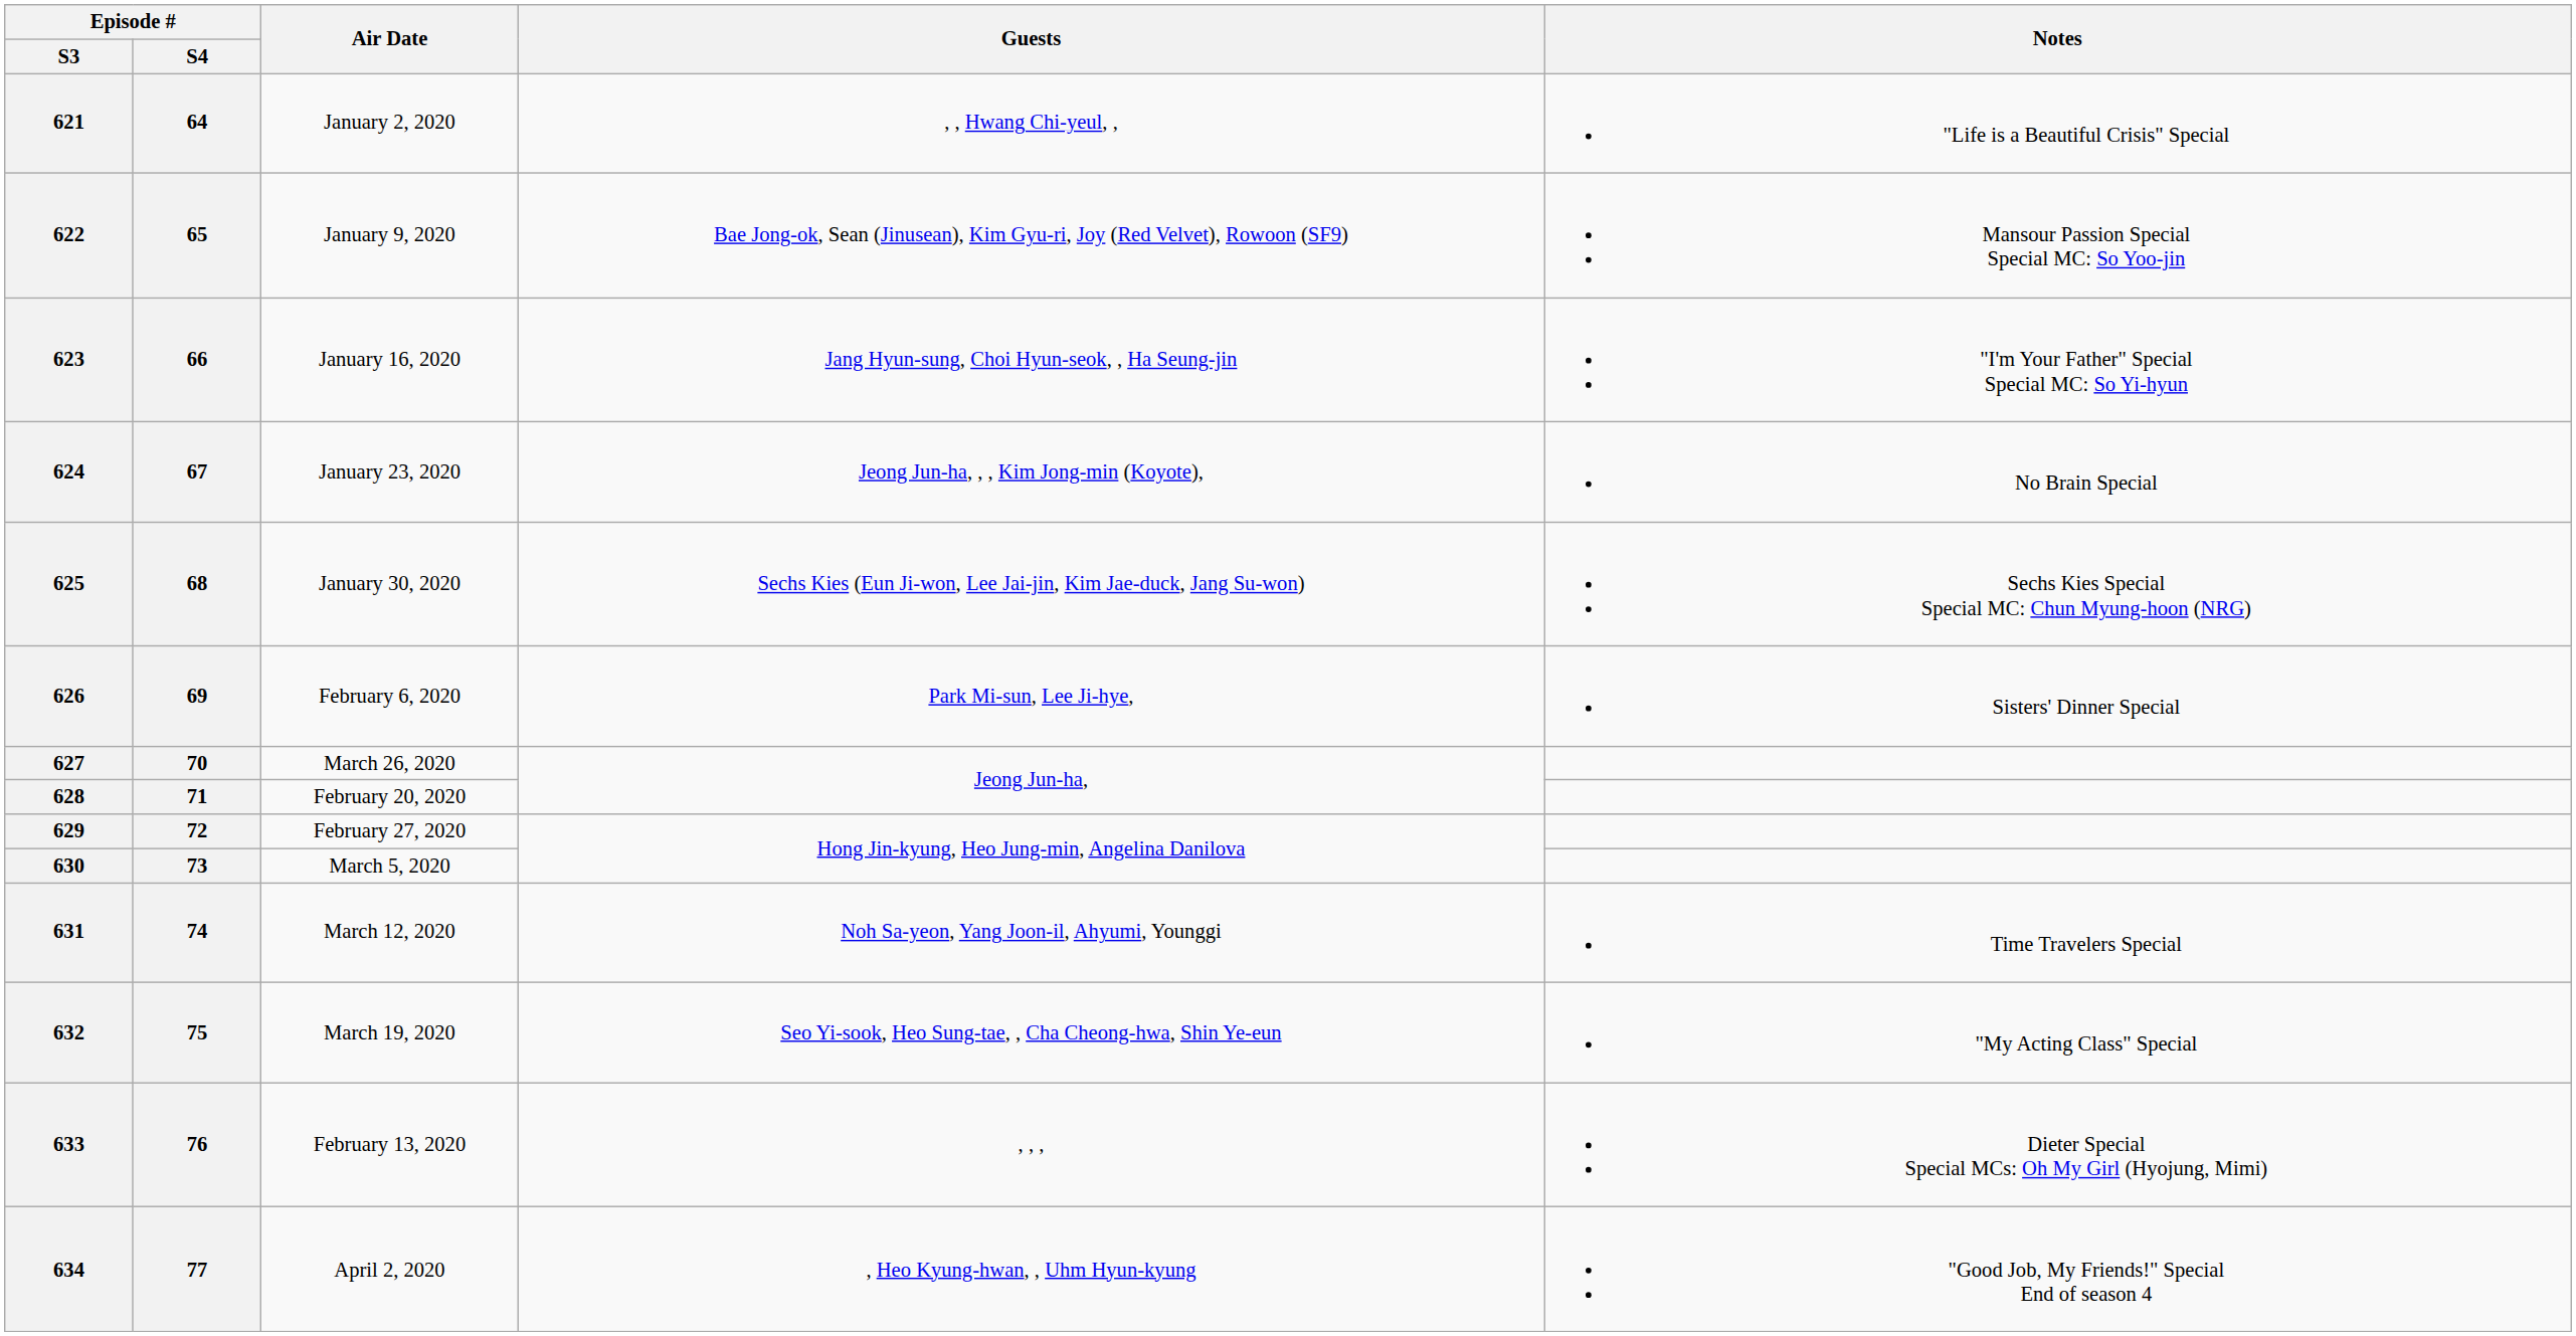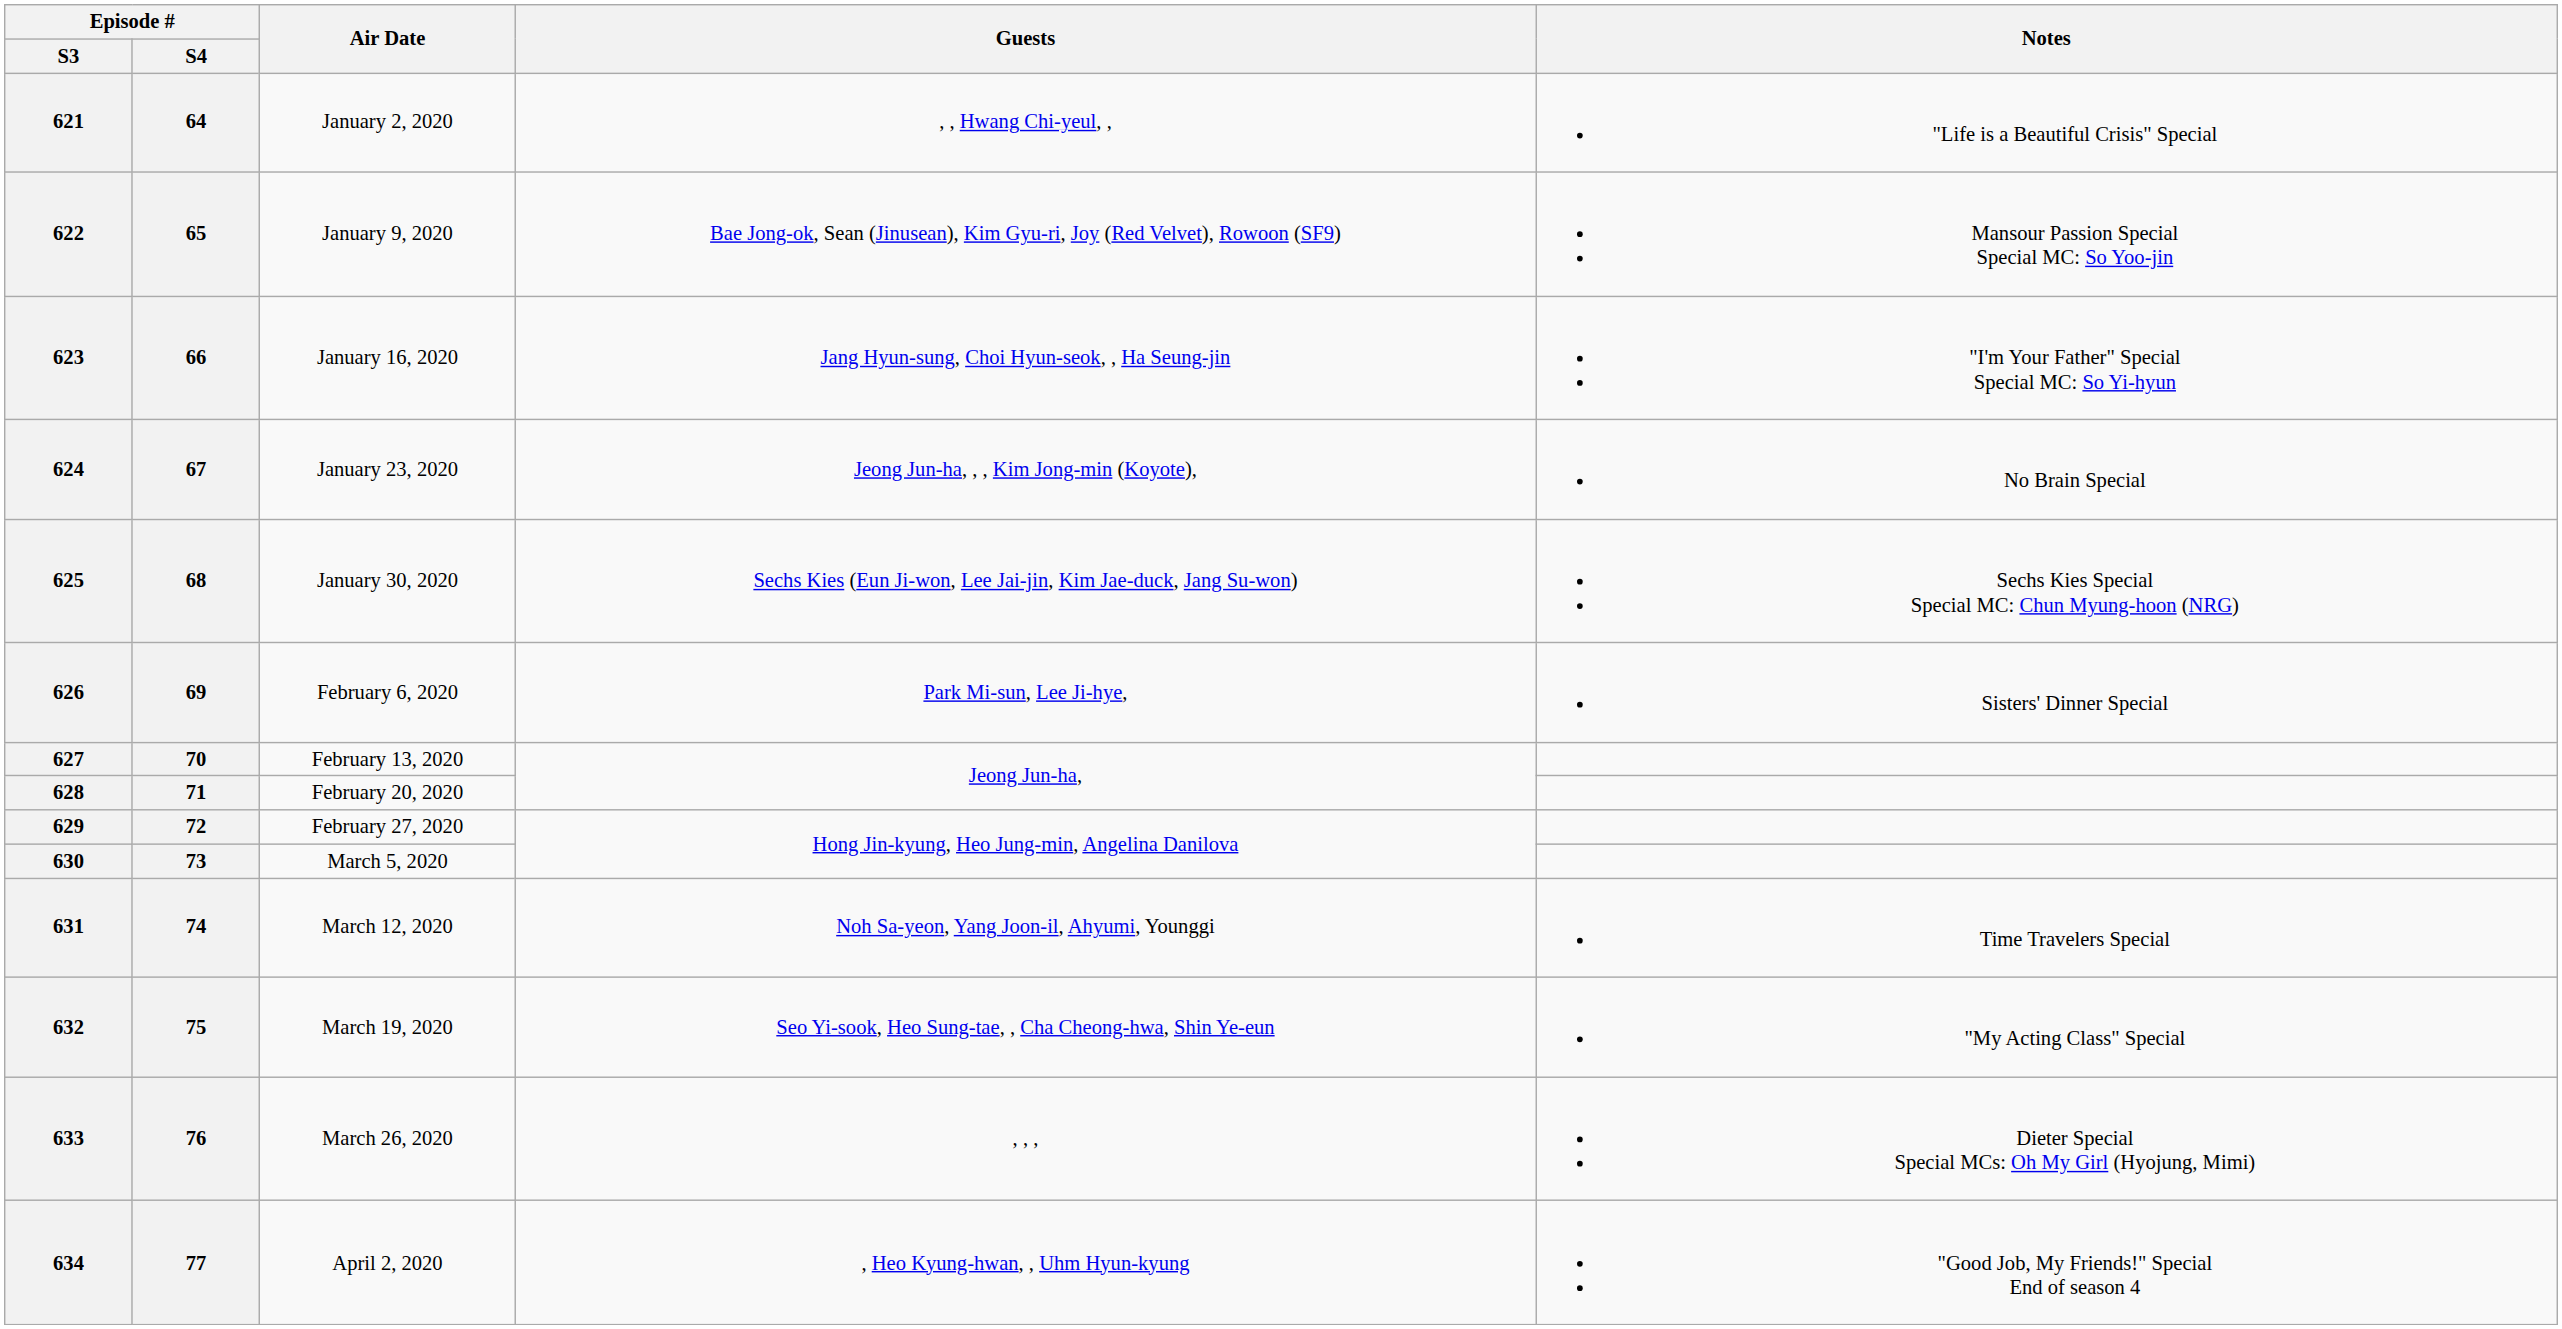 <table class="wikitable" style="text-align:center; font-size:90%; width:90%;">
 <tr>
 <th colspan="2" width="10%">Episode #</th>
 <th rowspan="2" width="10%">Air Date</th>
 <th rowspan="2" width="40%">Guests</th>
 <th rowspan="2" width="40%">Notes</th>
 </tr>
 <tr>
 <th width="5%"> S3</th>
 <th width="5%">S4</th>
 </tr>
 <tr>
 <th>621</th>
 <th>64</th>
 <td>January 2, 2020</td>
 <td>, , <a href='#'>Hwang Chi-yeul</a>, , </td>
 <td><br><ul><li>"Life is a Beautiful Crisis" Special</li></ul></td>
 </tr>
 <tr>
 <th>622</th>
 <th>65</th>
 <td>January 9, 2020</td>
 <td><a href='#'>Bae Jong-ok</a>, Sean (<a href='#'>Jinusean</a>), <a href='#'>Kim Gyu-ri</a>, <a href='#'>Joy</a> (<a href='#'>Red Velvet</a>), <a href='#'>Rowoon</a> (<a href='#'>SF9</a>)</td>
 <td><br><ul><li>Mansour Passion Special</li><li>Special MC: <a href='#'>So Yoo-jin</a></li></ul></td>
 </tr>
 <tr>
 <th>623</th>
 <th>66</th>
 <td>January 16, 2020</td>
 <td><a href='#'>Jang Hyun-sung</a>, <a href='#'>Choi Hyun-seok</a>, , <a href='#'>Ha Seung-jin</a></td>
 <td><br><ul><li>"I'm Your Father" Special</li><li>Special MC: <a href='#'>So Yi-hyun</a></li></ul></td>
 </tr>
 <tr>
 <th>624</th>
 <th>67</th>
 <td>January 23, 2020</td>
 <td><a href='#'>Jeong Jun-ha</a>, , , <a href='#'>Kim Jong-min</a> (<a href='#'>Koyote</a>), </td>
 <td><br><ul><li>No Brain Special</li></ul></td>
 </tr>
 <tr>
 <th>625</th>
 <th>68</th>
 <td>January 30, 2020</td>
 <td><a href='#'>Sechs Kies</a> (<a href='#'>Eun Ji-won</a>, <a href='#'>Lee Jai-jin</a>, <a href='#'>Kim Jae-duck</a>, <a href='#'>Jang Su-won</a>)</td>
 <td><br><ul><li>Sechs Kies Special</li><li>Special MC: <a href='#'>Chun Myung-hoon</a> (<a href='#'>NRG</a>)</li></ul></td>
 </tr>
 <tr>
 <th>626</th>
 <th>69</th>
 <td>February 6, 2020</td>
 <td><a href='#'>Park Mi-sun</a>, <a href='#'>Lee Ji-hye</a>, </td>
 <td><br><ul><li>Sisters' Dinner Special</li></ul></td>
 </tr>
 <tr>
 <th>627</th>
 <th>70</th>
-<td>March 26, 2020</td>
+<td>February 13, 2020</td>
 <td rowspan=2><a href='#'>Jeong Jun-ha</a>, </td>
 <td></td>
 </tr>
 <tr>
 <th>628</th>
 <th>71</th>
 <td>February 20, 2020</td>
 <td></td>
 </tr>
 <tr>
 <th>629</th>
 <th>72</th>
 <td>February 27, 2020</td>
 <td rowspan=2><a href='#'>Hong Jin-kyung</a>, <a href='#'>Heo Jung-min</a>, <a href='#'>Angelina Danilova</a></td>
 <td></td>
 </tr>
 <tr>
 <th>630</th>
 <th>73</th>
 <td>March 5, 2020</td>
 <td></td>
 </tr>
 <tr>
 <th>631</th>
 <th>74</th>
 <td>March 12, 2020</td>
 <td><a href='#'>Noh Sa-yeon</a>, <a href='#'>Yang Joon-il</a>, <a href='#'>Ahyumi</a>, Younggi</td>
 <td><br><ul><li>Time Travelers Special</li></ul></td>
 </tr>
 <tr>
 <th>632</th>
 <th>75</th>
 <td>March 19, 2020</td>
 <td><a href='#'>Seo Yi-sook</a>, <a href='#'>Heo Sung-tae</a>, , <a href='#'>Cha Cheong-hwa</a>, <a href='#'>Shin Ye-eun</a></td>
 <td><br><ul><li>"My Acting Class" Special</li></ul></td>
 </tr>
 <tr>
 <th>633</th>
 <th>76</th>
-<td>February 13, 2020</td>
+<td>March 26, 2020</td>
 <td>, , , </td>
 <td><br><ul><li>Dieter Special</li><li>Special MCs: <a href='#'>Oh My Girl</a> (Hyojung, Mimi)</li></ul></td>
 </tr>
 <tr>
 <th>634</th>
 <th>77</th>
 <td>April 2, 2020</td>
 <td>, <a href='#'>Heo Kyung-hwan</a>, , <a href='#'>Uhm Hyun-kyung</a></td>
 <td><br><ul><li>"Good Job, My Friends!" Special</li><li>End of season 4</li></ul></td>
 </tr>
 </table>
